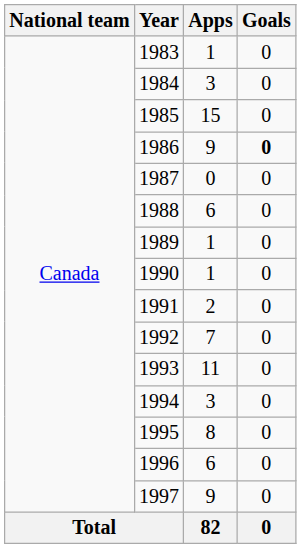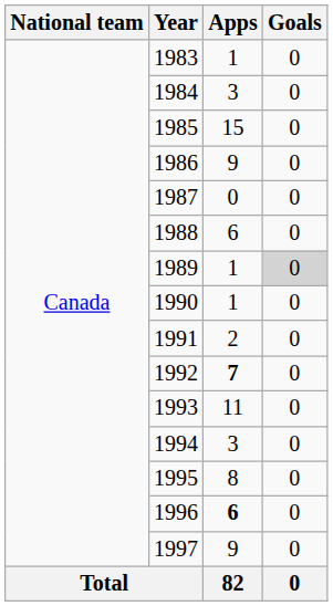 <table class="wikitable" style="text-align:center">
 <tr>
 <th>National team</th>
 <th>Year</th>
 <th>Apps</th>
 <th>Goals</th>
 </tr>
 <tr>
 <td rowspan="15"><a href='#'>Canada</a></td>
 <td>1983</td>
 <td>1</td>
 <td>0</td>
 </tr>
 <tr>
 <td>1984</td>
 <td>3</td>
 <td>0</td>
 </tr>
 <tr>
 <td>1985</td>
 <td>15</td>
 <td>0</td>
 </tr>
 <tr>
 <td>1986</td>
 <td>9</td>
-<td><strong>0</strong></td>
+<td>0</td>
 </tr>
 <tr>
 <td>1987</td>
 <td>0</td>
 <td>0</td>
 </tr>
 <tr>
 <td>1988</td>
 <td>6</td>
 <td>0</td>
 </tr>
 <tr>
 <td>1989</td>
 <td>1</td>
-<td>0</td>
+<td style="background: lightgrey;">0</td>
 </tr>
 <tr>
 <td>1990</td>
 <td>1</td>
 <td>0</td>
 </tr>
 <tr>
 <td>1991</td>
 <td>2</td>
 <td>0</td>
 </tr>
 <tr>
 <td>1992</td>
-<td>7</td>
+<td><strong>7</strong></td>
 <td>0</td>
 </tr>
 <tr>
 <td>1993</td>
 <td>11</td>
 <td>0</td>
 </tr>
 <tr>
 <td>1994</td>
 <td>3</td>
 <td>0</td>
 </tr>
 <tr>
 <td>1995</td>
 <td>8</td>
 <td>0</td>
 </tr>
 <tr>
 <td>1996</td>
-<td>6</td>
+<td><strong>6</strong></td>
 <td>0</td>
 </tr>
 <tr>
 <td>1997</td>
 <td>9</td>
 <td>0</td>
 </tr>
 <tr>
 <th colspan="2">Total</th>
 <th>82</th>
 <th>0</th>
 </tr>
 </table>
